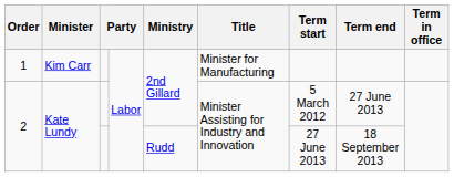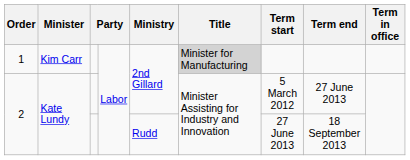 <table class="wikitable">
 <tr>
 <th width=5>Order</th>
 <th width=150>Minister</th>
 <th width=120 colspan=2>Party</th>
 <th width=105>Ministry</th>
 <th width=250>Title</th>
 <th width=150>Term start</th>
 <th width=150>Term end</th>
 <th width=130>Term in office</th>
 </tr>
 <tr>
 <td align=center>1</td>
 <td><a href='#'>Kim Carr</a></td>
 <td> </td>
 <td rowspan=3><a href='#'>Labor</a></td>
 <td rowspan=2><a href='#'>2nd Gillard</a></td>
-<td>Minister for Manufacturing</td>
+<td style="background: lightgrey;">Minister for Manufacturing</td>
 <td align=center></td>
 <td align=center></td>
 <td align=right></td>
 </tr>
 <tr>
 <td rowspan=2 align=center>2</td>
 <td rowspan=2><a href='#'>Kate Lundy</a></td>
 <td></td>
 <td rowspan=2>Minister Assisting for Industry and Innovation</td>
 <td align=center>5 March 2012</td>
 <td align=center>27 June 2013</td>
 <td rowspan=2 align=right></td>
 </tr>
 <tr>
 <td></td>
 <td><a href='#'>Rudd</a></td>
 <td align=center>27 June 2013</td>
 <td align=center>18 September 2013</td>
 </tr>
 </table>
